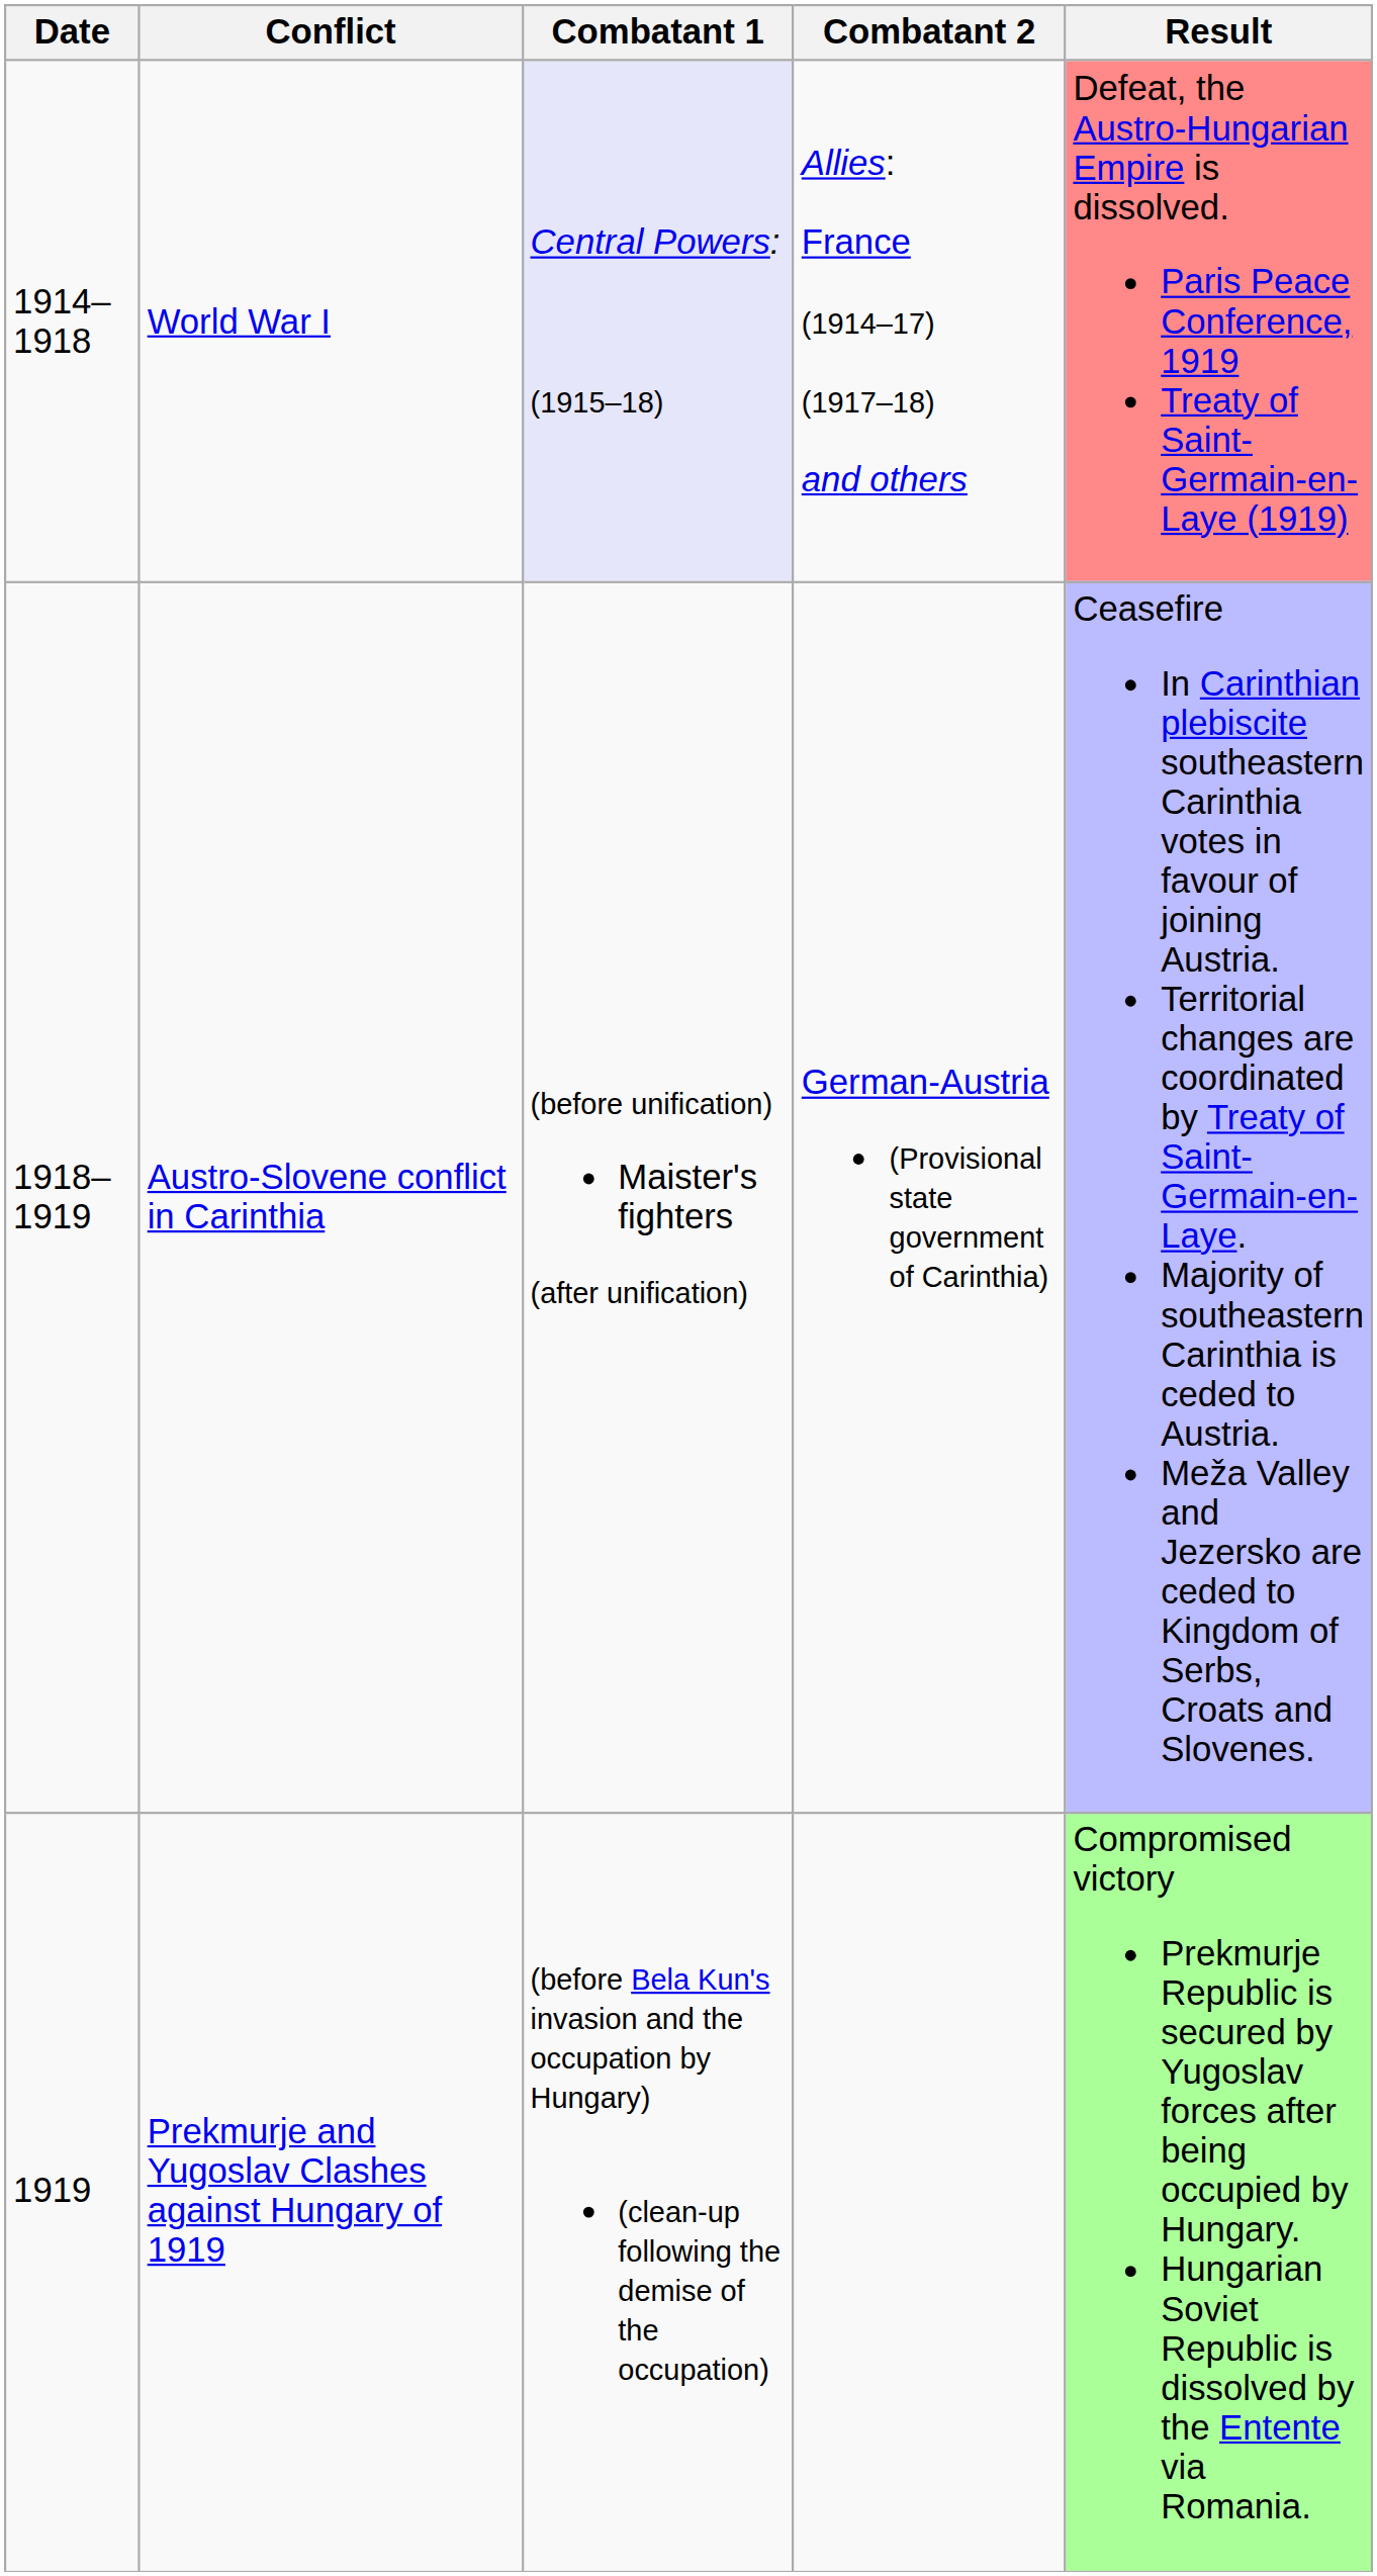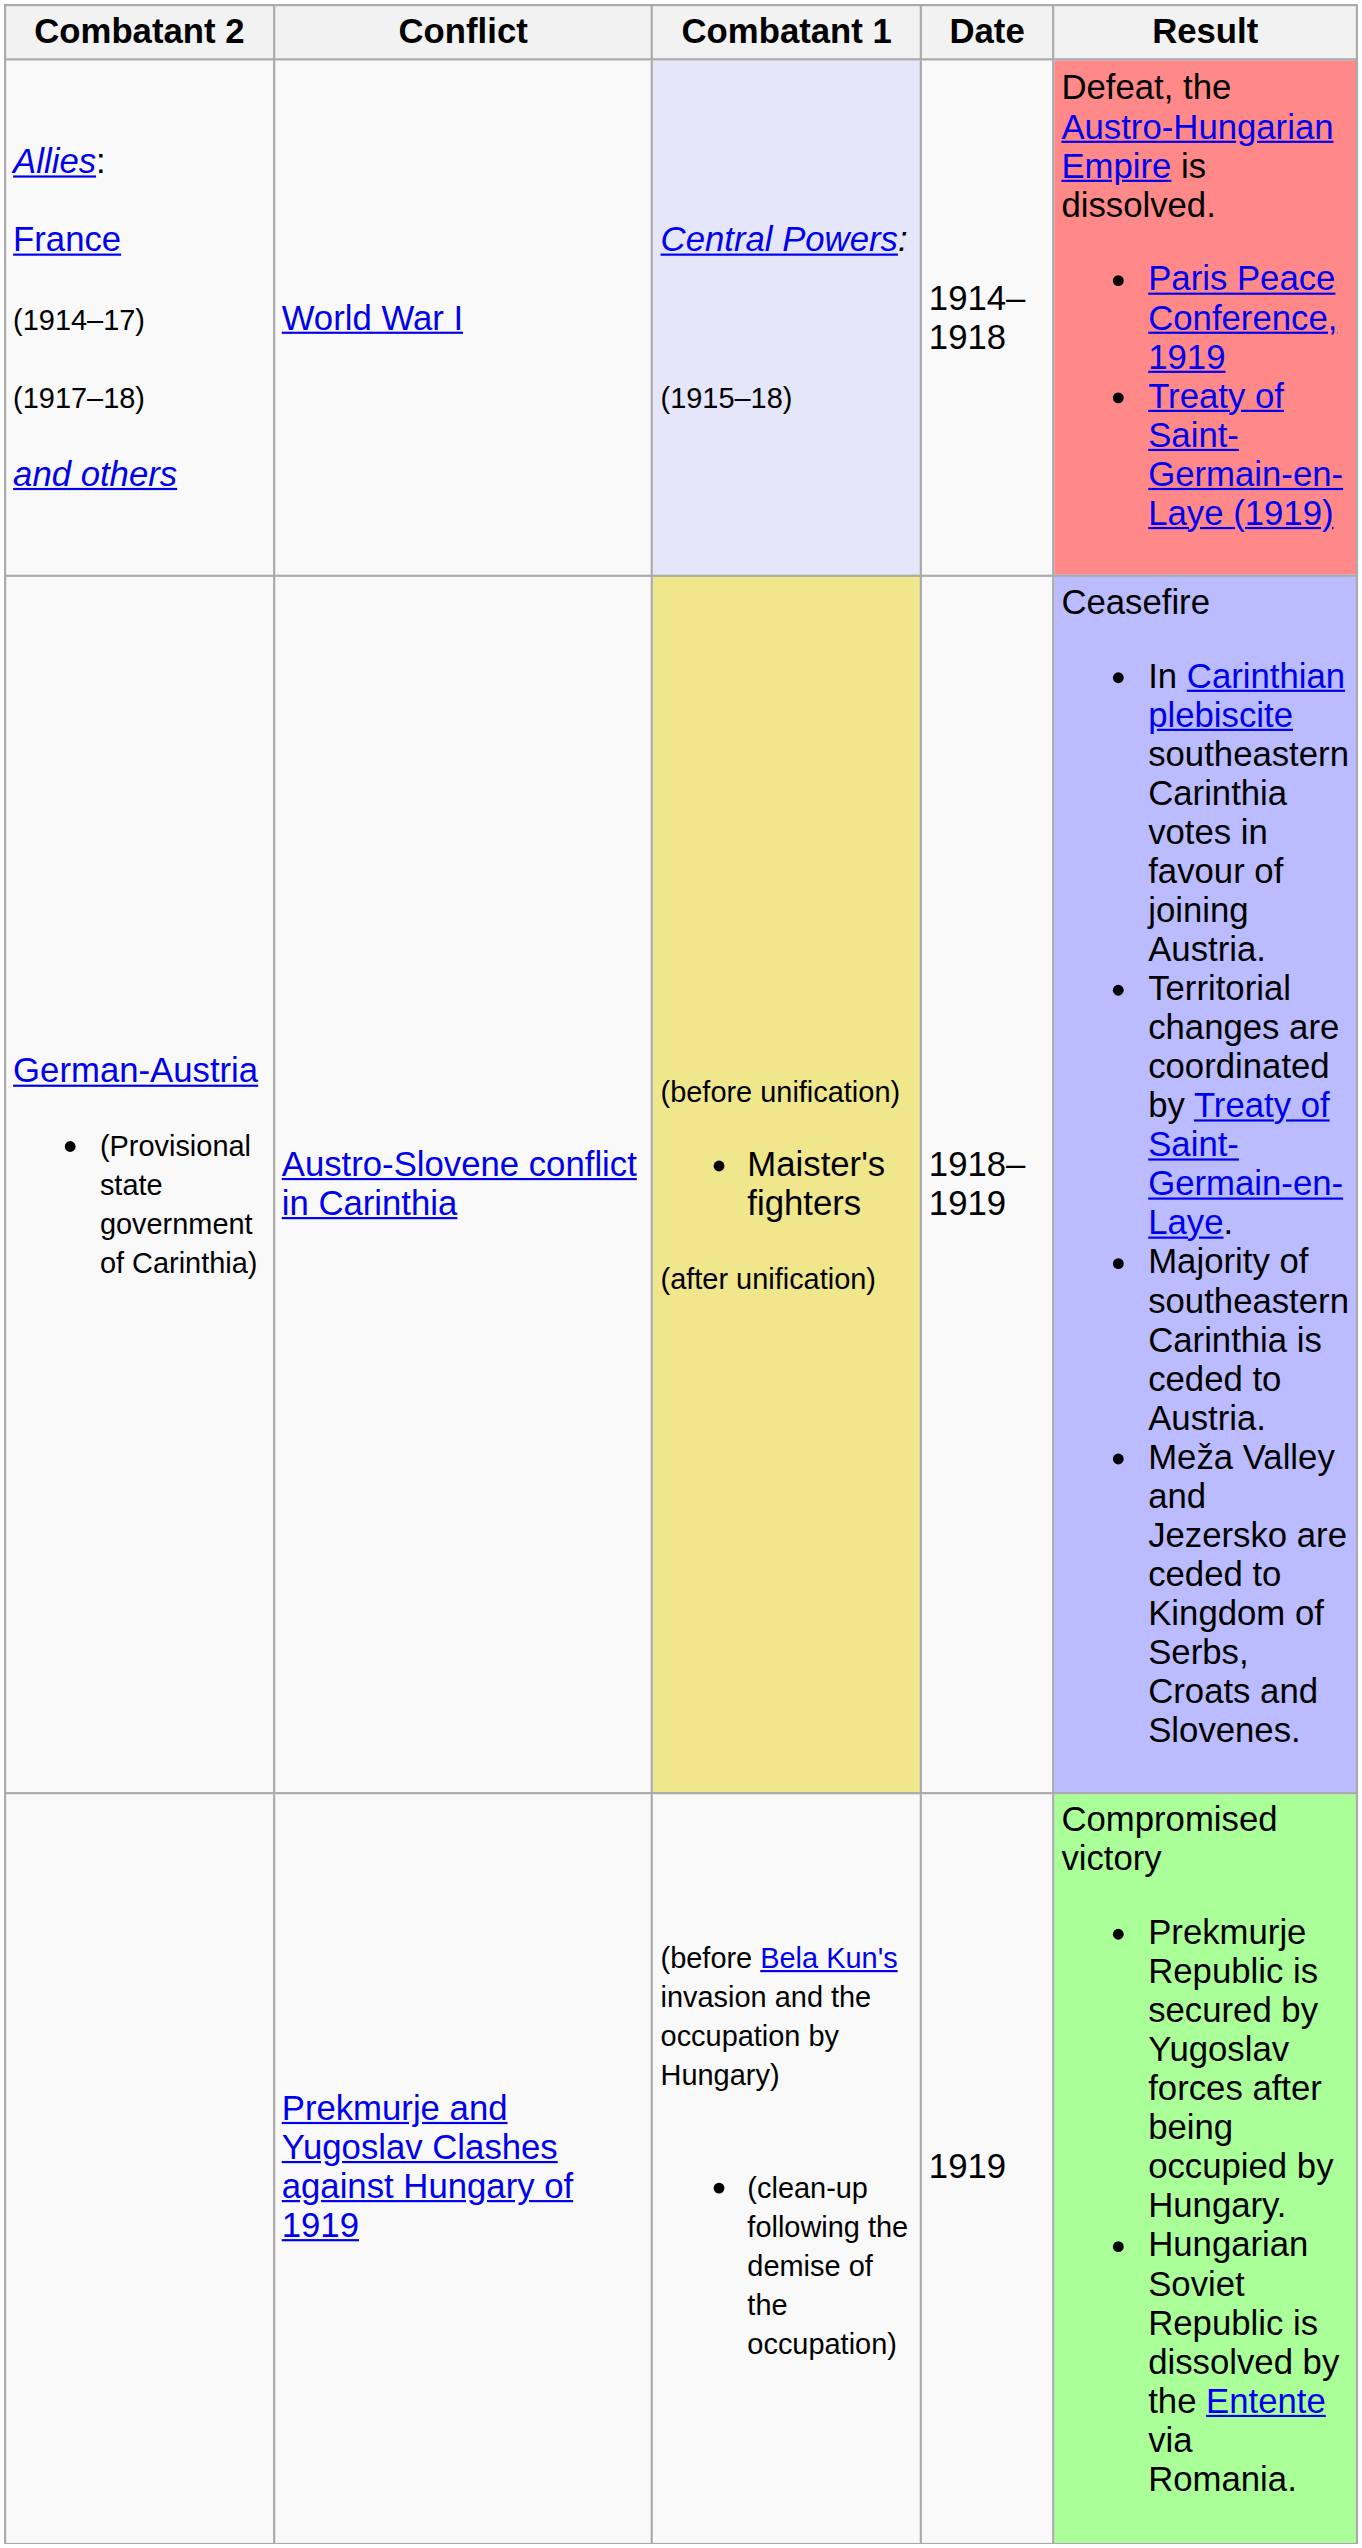 <table class="wikitable" width="100%">
 <tr>
-<th width="10%">Date</th>
+<th width="20%">Combatant 2</th>
 <th width="30%">Conflict</th>
 <th width="20%">Combatant 1</th>
-<th width="20%">Combatant 2</th>
+<th width="10%">Date</th>
 <th width="20%">Result</th>
 </tr>
 <tr>
-<td>1914–1918</td>
+<td><em><a href='#'>Allies</a></em>:<br><br> <a href='#'>France</a><br> <br>  <small>(1914–17)</small><br> <br>  <small>(1917–18)</small><br> <br> <a href='#'><em>and others</em></a></td>
 <td><a href='#'>World War I</a></td>
 <td style="background: lavender;"><em><a href='#'>Central Powers</a>:</em><br><strong></strong><br> <br> <br>  <small>(1915–18)</small></td>
-<td><em><a href='#'>Allies</a></em>:<br><br> <a href='#'>France</a><br> <br>  <small>(1914–17)</small><br> <br>  <small>(1917–18)</small><br> <br> <a href='#'><em>and others</em></a></td>
+<td>1914–1918</td>
 <td style="background:#F88">Defeat, the <a href='#'>Austro-Hungarian Empire</a> is dissolved.<br><ul><li><a href='#'>Paris Peace Conference, 1919</a></li><li><a href='#'>Treaty of Saint-Germain-en-Laye (1919)</a></li></ul></td>
 </tr>
 <tr>
+<td> <a href='#'>German-Austria</a><br><ul><li> <small>(Provisional state government of Carinthia)</small></li></ul></td>
+<td><a href='#'>Austro-Slovene conflict in Carinthia</a></td>
+<td style="background: khaki;"><strong></strong> <small>(before unification)</small><br><ul><li>Maister's fighters</li></ul><strong></strong> <small>(after unification)</small></td>
 <td>1918–1919</td>
-<td><a href='#'>Austro-Slovene conflict in Carinthia</a></td>
-<td><strong></strong> <small>(before unification)</small><br><ul><li>Maister's fighters</li></ul><strong></strong> <small>(after unification)</small></td>
-<td> <a href='#'>German-Austria</a><br><ul><li> <small>(Provisional state government of Carinthia)</small></li></ul></td>
 <td style="background:#BBF">Ceasefire<br><ul><li>In <a href='#'>Carinthian plebiscite</a> southeastern Carinthia votes in favour of joining Austria.</li><li>Territorial changes are coordinated by <a href='#'>Treaty of Saint-Germain-en-Laye</a>.</li><li>Majority of southeastern Carinthia is ceded to Austria.</li><li>Meža Valley and Jezersko are ceded to Kingdom of Serbs, Croats and Slovenes.</li></ul></td>
 </tr>
 <tr>
-<td>1919</td>
+<td></td>
 <td><a href='#'>Prekmurje and Yugoslav Clashes against Hungary of 1919</a></td>
 <td><strong></strong> <small>(before <a href='#'>Bela Kun's</a> invasion and the occupation by Hungary)</small><br><br><strong></strong><ul><li><small> (clean-up following the demise of the occupation)</small></li></ul></td>
-<td></td>
+<td>1919</td>
 <td style="background:#AF9">Compromised victory<br><ul><li>Prekmurje Republic is secured by Yugoslav forces after being occupied by Hungary.</li><li>Hungarian Soviet Republic is dissolved by the <a href='#'>Entente</a> via Romania.</li></ul></td>
 </tr>
 </table>
